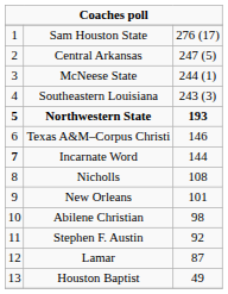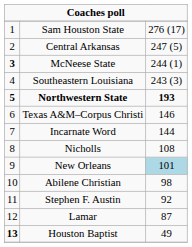 <table class="wikitable">
 <tr align="center">
 <td align="center" Colspan="3"><strong>Coaches poll</strong></td>
 </tr>
 <tr align="center">
 </tr>
 <tr align="center">
 <td>1</td>
 <td>Sam Houston State</td>
 <td>276 (17)</td>
 </tr>
 <tr align="center">
 <td>2</td>
 <td>Central Arkansas</td>
 <td>247 (5)</td>
 </tr>
 <tr align="center">
-<td>3</td>
+<td><strong>3</strong></td>
 <td>McNeese State</td>
 <td>244 (1)</td>
 </tr>
 <tr align="center">
 <td>4</td>
 <td>Southeastern Louisiana</td>
 <td>243 (3)</td>
 </tr>
 <tr align="center">
 <td><strong>5</strong></td>
 <td><strong>Northwestern State</strong></td>
 <td><strong>193</strong></td>
 </tr>
 <tr align="center">
 <td>6</td>
 <td>Texas A&M–Corpus Christi</td>
 <td>146</td>
 </tr>
 <tr align="center">
-<td><strong>7</strong></td>
+<td>7</td>
 <td>Incarnate Word</td>
 <td>144</td>
 </tr>
 <tr align="center">
 <td>8</td>
 <td>Nicholls</td>
 <td>108</td>
 </tr>
 <tr align="center">
 <td>9</td>
 <td>New Orleans</td>
-<td>101</td>
+<td style="background: lightblue;">101</td>
 </tr>
 <tr align="center">
 <td>10</td>
 <td>Abilene Christian</td>
 <td>98</td>
 </tr>
 <tr align="center">
 <td>11</td>
 <td>Stephen F. Austin</td>
 <td>92</td>
 </tr>
 <tr align="center">
 <td>12</td>
 <td>Lamar</td>
 <td>87</td>
 </tr>
 <tr align="center">
-<td>13</td>
+<td><strong>13</strong></td>
 <td>Houston Baptist</td>
 <td>49</td>
 </tr>
 <tr align="center">
 </tr>
 </table>
